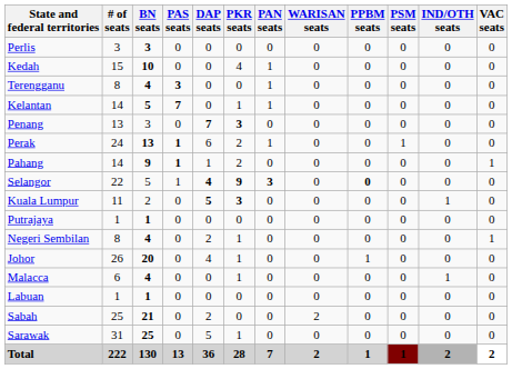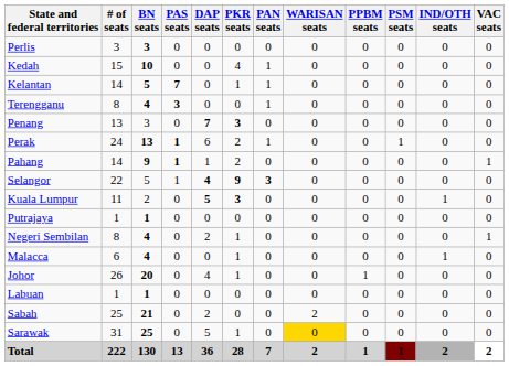 <table class="wikitable sortable" style="text-align:center">
 <tr>
 <th>State and<br>federal territories</th>
 <th># of<br>seats</th>
 <th><a href='#'>BN</a><br>seats</th>
 <th><a href='#'>PAS</a><br>seats</th>
 <th><a href='#'>DAP</a><br>seats</th>
 <th><a href='#'>PKR</a><br>seats</th>
 <th><a href='#'>PAN</a><br>seats</th>
 <th><a href='#'>WARISAN</a><br>seats</th>
 <th><a href='#'>PPBM</a><br>seats</th>
 <th><a href='#'>PSM</a><br>seats</th>
 <th><a href='#'>IND/OTH</a><br>seats</th>
 <th>VAC<br>seats</th>
 </tr>
 <tr>
 <td style="text-align:left"> <a href='#'>Perlis</a></td>
 <td>3</td>
 <td style="background-color:"><strong>3</strong></td>
 <td>0</td>
 <td>0</td>
 <td>0</td>
 <td>0</td>
 <td>0</td>
 <td>0</td>
 <td>0</td>
 <td>0</td>
 <td>0</td>
 </tr>
 <tr>
 <td style="text-align:left"> <a href='#'>Kedah</a></td>
 <td>15</td>
 <td style="background-color:"><strong>10</strong></td>
 <td>0</td>
 <td>0</td>
 <td>4</td>
 <td>1</td>
 <td>0</td>
 <td>0</td>
 <td>0</td>
 <td>0</td>
 <td>0</td>
 </tr>
 <tr>
-<td style="text-align:left"> <a href='#'>Terengganu</a></td>
-<td>8</td>
-<td style="background-color:"><strong>4</strong></td>
-<td style="background-color:"><strong>3</strong></td>
+<td style="text-align:left"> <a href='#'>Kelantan</a></td>
+<td>14</td>
+<td style="background-color:"><strong>5</strong></td>
+<td style="background-color:"><strong>7</strong></td>
 <td>0</td>
-<td>0</td>
+<td>1</td>
 <td>1</td>
 <td>0</td>
 <td>0</td>
 <td>0</td>
 <td>0</td>
 <td>0</td>
 </tr>
 <tr>
-<td style="text-align:left"> <a href='#'>Kelantan</a></td>
-<td>14</td>
-<td style="background-color:"><strong>5</strong></td>
-<td style="background-color:"><strong>7</strong></td>
+<td style="text-align:left"> <a href='#'>Terengganu</a></td>
+<td>8</td>
+<td style="background-color:"><strong>4</strong></td>
+<td style="background-color:"><strong>3</strong></td>
 <td>0</td>
-<td>1</td>
+<td>0</td>
 <td>1</td>
 <td>0</td>
 <td>0</td>
 <td>0</td>
 <td>0</td>
 <td>0</td>
 </tr>
 <tr>
 <td style="text-align:left"> <a href='#'>Penang</a></td>
 <td>13</td>
 <td>3</td>
 <td>0</td>
 <td style="background-color:"><strong>7</strong></td>
 <td style="background-color:"><strong>3</strong></td>
 <td>0</td>
 <td>0</td>
 <td>0</td>
 <td>0</td>
 <td>0</td>
 <td>0</td>
 </tr>
 <tr>
 <td style="text-align:left"> <a href='#'>Perak</a></td>
 <td>24</td>
 <td style="background-color:"><strong>13</strong></td>
 <td style="background-color:"><strong>1</strong></td>
 <td>6</td>
 <td>2</td>
 <td>1</td>
 <td>0</td>
 <td>0</td>
 <td>1</td>
 <td>0</td>
 <td>0</td>
 </tr>
 <tr>
 <td style="text-align:left"> <a href='#'>Pahang</a></td>
 <td>14</td>
 <td style="background-color:"><strong>9</strong></td>
 <td style="background-color:"><strong>1</strong></td>
 <td>1</td>
 <td>2</td>
 <td>0</td>
 <td>0</td>
 <td>0</td>
 <td>0</td>
 <td>0</td>
 <td>1</td>
 </tr>
 <tr>
 <td style="text-align:left"> <a href='#'>Selangor</a></td>
 <td>22</td>
 <td>5</td>
 <td>1</td>
 <td style="background-color:"><strong>4</strong></td>
 <td style="background-color:"><strong>9</strong></td>
 <td style="background-color:"><strong>3</strong></td>
 <td>0</td>
-<td><strong>0</strong></td>
+<td>0</td>
 <td>0</td>
 <td>0</td>
 <td>0</td>
 </tr>
 <tr>
 <td style="text-align:left"> <a href='#'>Kuala Lumpur</a></td>
 <td>11</td>
 <td>2</td>
 <td>0</td>
 <td style="background-color:"><strong>5</strong></td>
 <td style="background-color:"><strong>3</strong></td>
 <td>0</td>
 <td>0</td>
 <td>0</td>
 <td>0</td>
 <td>1</td>
 <td>0</td>
 </tr>
 <tr>
 <td style="text-align:left"> <a href='#'>Putrajaya</a></td>
 <td>1</td>
 <td style="background-color:"><strong>1</strong></td>
 <td>0</td>
 <td>0</td>
 <td>0</td>
 <td>0</td>
 <td>0</td>
 <td>0</td>
 <td>0</td>
 <td>0</td>
 <td>0</td>
 </tr>
 <tr>
 <td style="text-align:left"> <a href='#'>Negeri Sembilan</a></td>
 <td>8</td>
 <td style="background-color:"><strong>4</strong></td>
 <td>0</td>
 <td>2</td>
 <td>1</td>
 <td>0</td>
 <td>0</td>
 <td>0</td>
 <td>0</td>
 <td>0</td>
 <td>1</td>
 </tr>
 <tr>
+<td style="text-align:left"> <a href='#'>Malacca</a></td>
+<td>6</td>
+<td style="background-color:"><strong>4</strong></td>
+<td>0</td>
+<td>0</td>
+<td>1</td>
+<td>0</td>
+<td>0</td>
+<td>0</td>
+<td>0</td>
+<td>1</td>
+<td>0</td>
+</tr>
+<tr>
 <td style="text-align:left"> <a href='#'>Johor</a></td>
 <td>26</td>
 <td style="background-color:"><strong>20</strong></td>
 <td>0</td>
 <td>4</td>
 <td>1</td>
 <td>0</td>
 <td>0</td>
 <td>1</td>
 <td>0</td>
 <td>0</td>
-<td>0</td>
-</tr>
-<tr>
-<td style="text-align:left"> <a href='#'>Malacca</a></td>
-<td>6</td>
-<td style="background-color:"><strong>4</strong></td>
-<td>0</td>
-<td>0</td>
-<td>1</td>
-<td>0</td>
-<td>0</td>
-<td>0</td>
-<td>0</td>
-<td>1</td>
 <td>0</td>
 </tr>
 <tr>
 <td style="text-align:left"> <a href='#'>Labuan</a></td>
 <td>1</td>
 <td style="background-color:"><strong>1</strong></td>
 <td>0</td>
 <td>0</td>
 <td>0</td>
 <td>0</td>
 <td>0</td>
 <td>0</td>
 <td>0</td>
 <td>0</td>
 <td>0</td>
 </tr>
 <tr>
 <td style="text-align:left"> <a href='#'>Sabah</a></td>
 <td>25</td>
 <td style="background-color:"><strong>21</strong></td>
 <td>0</td>
 <td>2</td>
 <td>0</td>
 <td>0</td>
 <td>2</td>
 <td>0</td>
 <td>0</td>
 <td>0</td>
 <td>0</td>
 </tr>
 <tr>
 <td style="text-align:left"> <a href='#'>Sarawak</a></td>
 <td>31</td>
 <td style="background-color:"><strong>25</strong></td>
 <td>0</td>
 <td>5</td>
 <td>1</td>
 <td>0</td>
-<td>0</td>
+<td style="background: gold;">0</td>
 <td>0</td>
 <td>0</td>
 <td>0</td>
 <td>0</td>
 </tr>
 <tr class="sortbottom" style="background-color:lightgrey">
 <td style="text-align:left"><strong>Total</strong></td>
 <td><strong>222</strong></td>
 <td style="background-color:"><strong>130</strong></td>
 <td style="background-color:"><strong>13</strong></td>
 <td style="background-color:"><strong>36</strong></td>
 <td style="background-color:"><strong>28</strong></td>
 <td style="background-color:"><strong>7</strong></td>
 <td style="background-color:"><span><strong>2</strong></span></td>
 <td style="background-color:"><strong>1</strong></td>
 <td style="background-color:#800000;"><span><strong>1</strong></span></td>
 <td style="background-color:#B3B3B3;"><span><strong>2</strong></span></td>
 <td style="background-color:#FFFFFF;"><span><strong>2</strong></span></td>
 </tr>
 </table>
